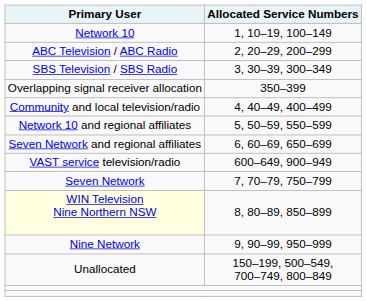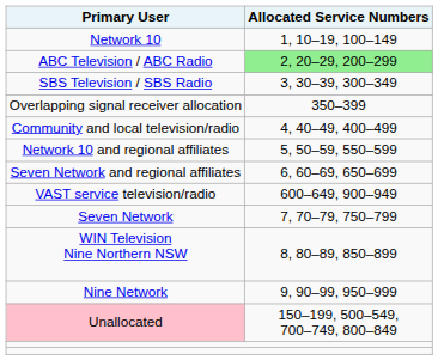 <table class="wikitable" style="float:right; text-align:center; margin-left:1em;">
 <tr>
 <th style="background:#e8f4f8;">Primary User</th>
 <th style="background:#e8f4f8;">Allocated Service Numbers</th>
 </tr>
 <tr>
 <td><a href='#'>Network 10</a><br></td>
 <td>1, 10–19, 100–149</td>
 </tr>
 <tr>
 <td><a href='#'>ABC Television</a> / <a href='#'>ABC Radio</a></td>
-<td>2, 20–29, 200–299</td>
+<td style="background: lightgreen;">2, 20–29, 200–299</td>
 </tr>
 <tr>
 <td><a href='#'>SBS Television</a> / <a href='#'>SBS Radio</a></td>
 <td>3, 30–39, 300–349</td>
 </tr>
 <tr>
 <td>Overlapping signal receiver allocation<br></td>
 <td>350–399</td>
 </tr>
 <tr>
 <td><a href='#'>Community</a> and local television/radio</td>
 <td>4, 40–49, 400–499</td>
 </tr>
 <tr>
 <td><a href='#'>Network 10</a> and regional affiliates</td>
 <td>5, 50–59, 550–599</td>
 </tr>
 <tr>
 <td><a href='#'>Seven Network</a> and regional affiliates</td>
 <td>6, 60–69, 650–699</td>
 </tr>
 <tr>
 <td><a href='#'>VAST service</a> television/radio</td>
 <td>600–649, 900–949</td>
 </tr>
 <tr>
 <td><a href='#'>Seven Network</a><br></td>
 <td>7, 70–79, 750–799</td>
 </tr>
 <tr>
-<td style="background: lightyellow;"><a href='#'>WIN Television</a><br><a href='#'>Nine Northern NSW</a><br><br></td>
+<td><a href='#'>WIN Television</a><br><a href='#'>Nine Northern NSW</a><br><br></td>
 <td>8, 80–89, 850–899</td>
 </tr>
 <tr>
 <td><a href='#'>Nine Network</a><br></td>
 <td>9, 90–99, 950–999</td>
 </tr>
 <tr>
-<td>Unallocated</td>
+<td style="background: pink;">Unallocated</td>
 <td>150–199, 500–549,<br>700–749, 800–849</td>
 </tr>
 <tr>
 <td colspan=2></td>
 </tr>
 <tr>
 <td colspan=4></td>
 </tr>
 </table>
